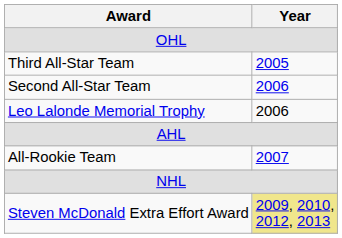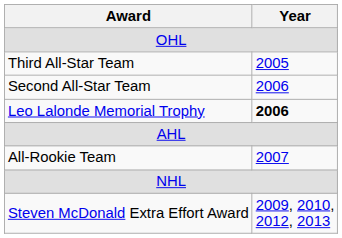 <table class="wikitable">
 <tr>
 <th>Award</th>
 <th>Year</th>
 </tr>
 <tr ALIGN="center" bgcolor="#e0e0e0">
 <td colspan="2"><a href='#'>OHL</a></td>
 </tr>
 <tr>
 <td>Third All-Star Team</td>
 <td><a href='#'>2005</a></td>
 </tr>
 <tr>
 <td>Second All-Star Team</td>
 <td><a href='#'>2006</a></td>
 </tr>
 <tr>
 <td><a href='#'>Leo Lalonde Memorial Trophy</a></td>
-<td>2006</td>
+<td><strong>2006</strong></td>
 </tr>
 <tr ALIGN="center" bgcolor="#e0e0e0">
 <td colspan="2"><a href='#'>AHL</a></td>
 </tr>
 <tr>
 <td>All-Rookie Team</td>
 <td><a href='#'>2007</a></td>
 </tr>
 <tr ALIGN="center" bgcolor="#e0e0e0">
 <td colspan="2"><a href='#'>NHL</a></td>
 </tr>
 <tr>
 <td><a href='#'>Steven McDonald</a> Extra Effort Award</td>
-<td style="background: khaki;"><a href='#'>2009</a>, <a href='#'>2010</a>,<br><a href='#'>2012</a>, <a href='#'>2013</a></td>
+<td><a href='#'>2009</a>, <a href='#'>2010</a>,<br><a href='#'>2012</a>, <a href='#'>2013</a></td>
 </tr>
 </table>
